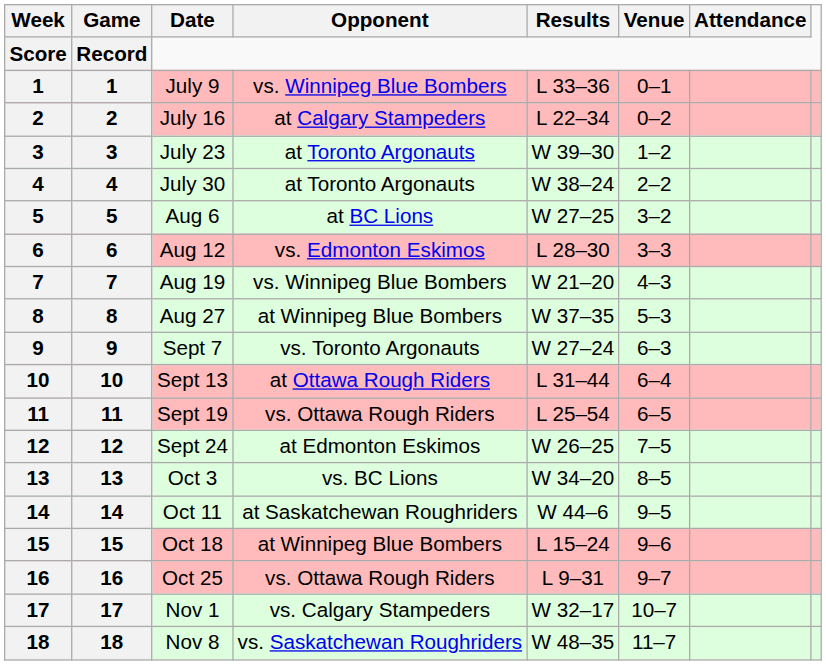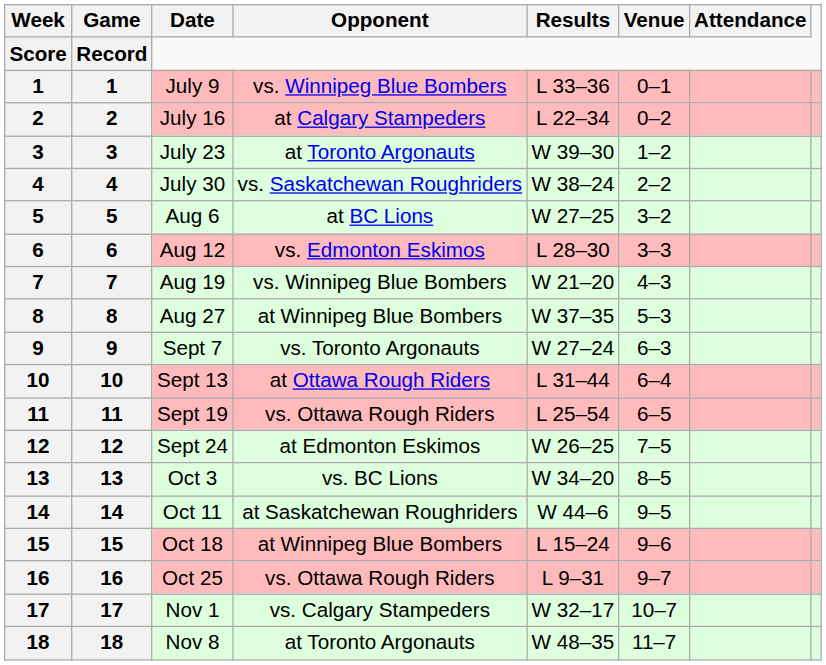 <table class="wikitable" style="text-align:center">
 <tr>
 <th>Week</th>
 <th>Game</th>
 <th>Date</th>
 <th>Opponent</th>
 <th>Results</th>
 <th>Venue</th>
 <th>Attendance</th>
 </tr>
 <tr>
 <th>Score</th>
 <th>Record</th>
 </tr>
 <tr style="background:#ffbbbb">
 <th>1</th>
 <th>1</th>
 <td>July 9</td>
 <td>vs. <a href='#'>Winnipeg Blue Bombers</a></td>
 <td>L 33–36</td>
 <td>0–1</td>
 <td></td>
 <td></td>
 </tr>
 <tr style="background:#ffbbbb">
 <th>2</th>
 <th>2</th>
 <td>July 16</td>
 <td>at <a href='#'>Calgary Stampeders</a></td>
 <td>L 22–34</td>
 <td>0–2</td>
 <td></td>
 <td></td>
 </tr>
 <tr style="background:#ddffdd">
 <th>3</th>
 <th>3</th>
 <td>July 23</td>
 <td>at <a href='#'>Toronto Argonauts</a></td>
 <td>W 39–30</td>
 <td>1–2</td>
 <td></td>
 <td></td>
 </tr>
 <tr style="background:#ddffdd">
 <th>4</th>
 <th>4</th>
 <td>July 30</td>
-<td>at Toronto Argonauts</td>
+<td>vs. <a href='#'>Saskatchewan Roughriders</a></td>
 <td>W 38–24</td>
 <td>2–2</td>
 <td></td>
 <td></td>
 </tr>
 <tr style="background:#ddffdd">
 <th>5</th>
 <th>5</th>
 <td>Aug 6</td>
 <td>at <a href='#'>BC Lions</a></td>
 <td>W 27–25</td>
 <td>3–2</td>
 <td></td>
 <td></td>
 </tr>
 <tr style="background:#ffbbbb">
 <th>6</th>
 <th>6</th>
 <td>Aug 12</td>
 <td>vs. <a href='#'>Edmonton Eskimos</a></td>
 <td>L 28–30</td>
 <td>3–3</td>
 <td></td>
 <td></td>
 </tr>
 <tr style="background:#ddffdd">
 <th>7</th>
 <th>7</th>
 <td>Aug 19</td>
 <td>vs. Winnipeg Blue Bombers</td>
 <td>W 21–20</td>
 <td>4–3</td>
 <td></td>
 <td></td>
 </tr>
 <tr style="background:#ddffdd">
 <th>8</th>
 <th>8</th>
 <td>Aug 27</td>
 <td>at Winnipeg Blue Bombers</td>
 <td>W 37–35</td>
 <td>5–3</td>
 <td></td>
 <td></td>
 </tr>
 <tr style="background:#ddffdd">
 <th>9</th>
 <th>9</th>
 <td>Sept 7</td>
 <td>vs. Toronto Argonauts</td>
 <td>W 27–24</td>
 <td>6–3</td>
 <td></td>
 <td></td>
 </tr>
 <tr style="background:#ffbbbb">
 <th>10</th>
 <th>10</th>
 <td>Sept 13</td>
 <td>at <a href='#'>Ottawa Rough Riders</a></td>
 <td>L 31–44</td>
 <td>6–4</td>
 <td></td>
 <td></td>
 </tr>
 <tr style="background:#ffbbbb">
 <th>11</th>
 <th>11</th>
 <td>Sept 19</td>
 <td>vs. Ottawa Rough Riders</td>
 <td>L 25–54</td>
 <td>6–5</td>
 <td></td>
 <td></td>
 </tr>
 <tr style="background:#ddffdd">
 <th>12</th>
 <th>12</th>
 <td>Sept 24</td>
 <td>at Edmonton Eskimos</td>
 <td>W 26–25</td>
 <td>7–5</td>
 <td></td>
 <td></td>
 </tr>
 <tr style="background:#ddffdd">
 <th>13</th>
 <th>13</th>
 <td>Oct 3</td>
 <td>vs. BC Lions</td>
 <td>W 34–20</td>
 <td>8–5</td>
 <td></td>
 <td></td>
 </tr>
 <tr style="background:#ddffdd">
 <th>14</th>
 <th>14</th>
 <td>Oct 11</td>
 <td>at Saskatchewan Roughriders</td>
 <td>W 44–6</td>
 <td>9–5</td>
 <td></td>
 <td></td>
 </tr>
 <tr style="background:#ffbbbb">
 <th>15</th>
 <th>15</th>
 <td>Oct 18</td>
 <td>at Winnipeg Blue Bombers</td>
 <td>L 15–24</td>
 <td>9–6</td>
 <td></td>
 <td></td>
 </tr>
 <tr style="background:#ffbbbb">
 <th>16</th>
 <th>16</th>
 <td>Oct 25</td>
 <td>vs. Ottawa Rough Riders</td>
 <td>L 9–31</td>
 <td>9–7</td>
 <td></td>
 <td></td>
 </tr>
 <tr style="background:#ddffdd">
 <th>17</th>
 <th>17</th>
 <td>Nov 1</td>
 <td>vs. Calgary Stampeders</td>
 <td>W 32–17</td>
 <td>10–7</td>
 <td></td>
 <td></td>
 </tr>
 <tr style="background:#ddffdd">
 <th>18</th>
 <th>18</th>
 <td>Nov 8</td>
-<td>vs. <a href='#'>Saskatchewan Roughriders</a></td>
+<td>at Toronto Argonauts</td>
 <td>W 48–35</td>
 <td>11–7</td>
 <td></td>
 <td></td>
 </tr>
 </table>
